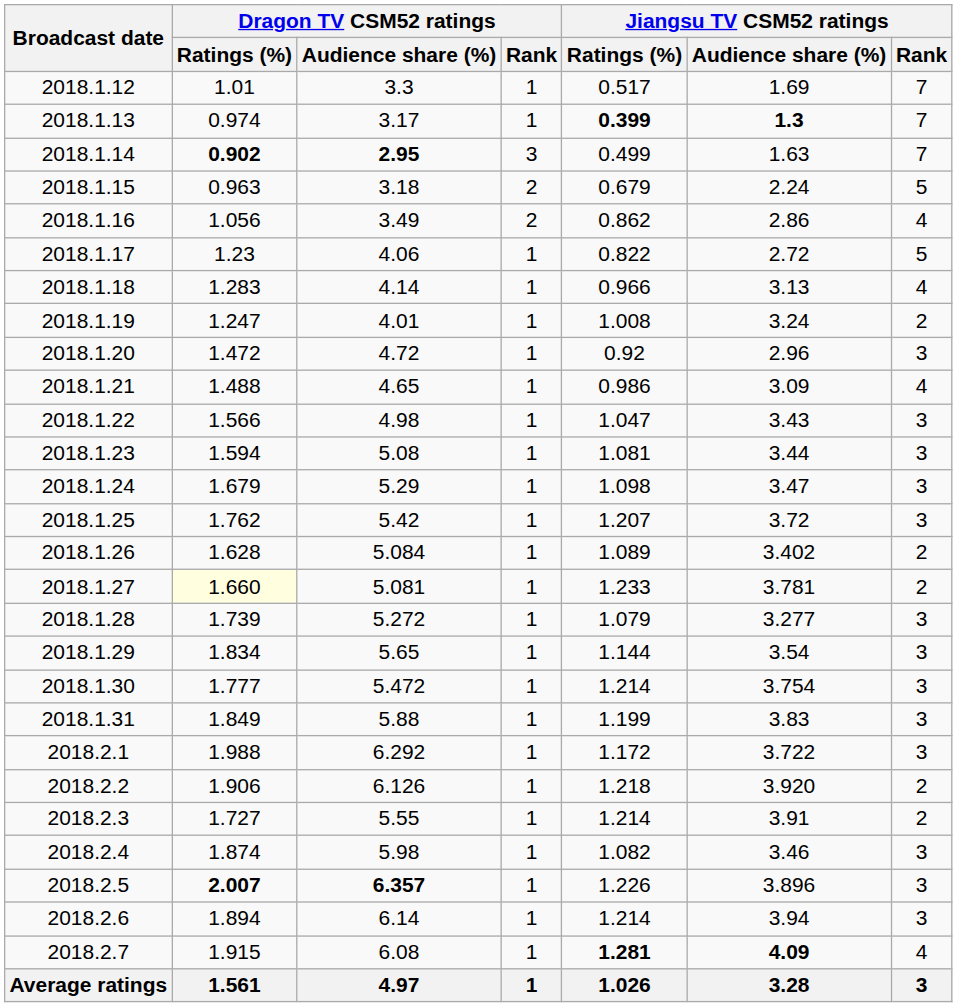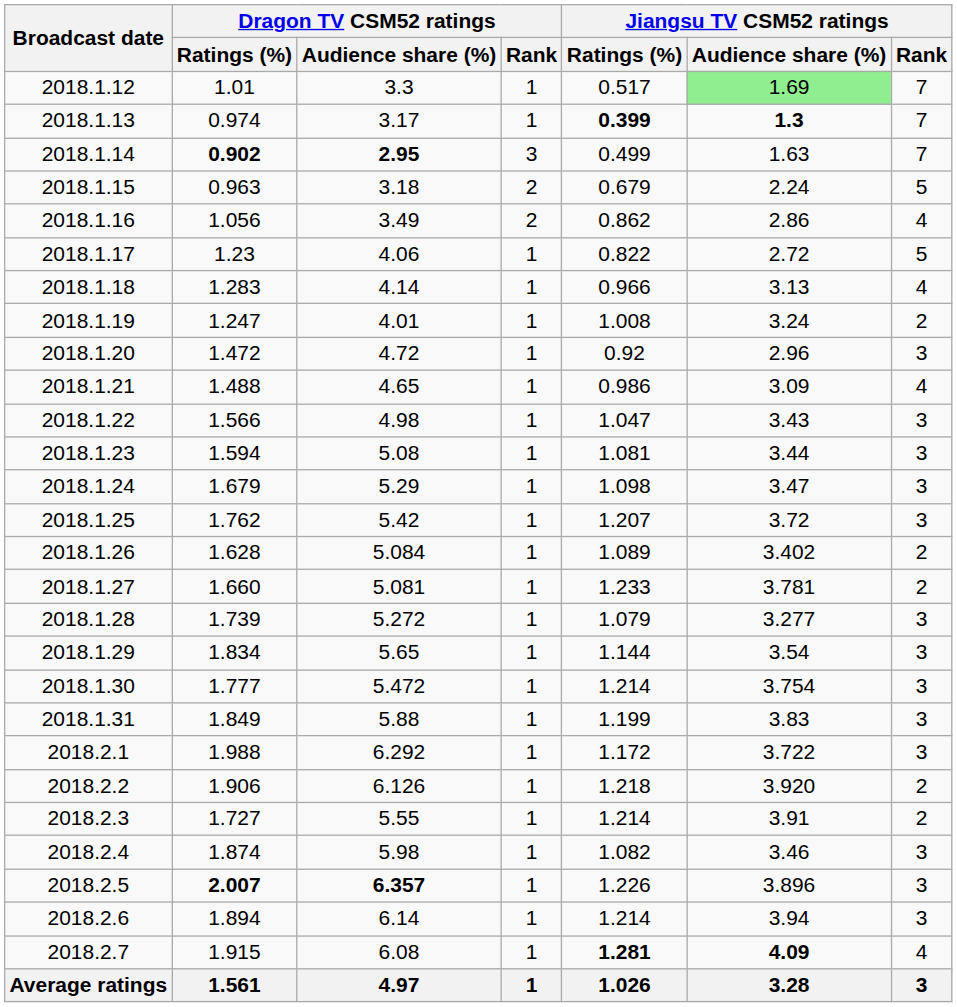 <table class="wikitable sortable mw-collapsible jquery-tablesorter" style="text-align:center">
 <tr>
 <th rowspan="2">Broadcast date</th>
 <th colspan="3" rowspan="1"><a href='#'>Dragon TV</a> CSM52 ratings</th>
 <th colspan="3" rowspan="1"><a href='#'>Jiangsu TV</a> CSM52 ratings</th>
 </tr>
 <tr>
 <th><strong>Ratings (%)</strong></th>
 <th><strong>Audience share (%)</strong></th>
 <th><strong>Rank</strong></th>
 <th><strong>Ratings (%)</strong></th>
 <th><strong>Audience share (%)</strong></th>
 <th><strong>Rank</strong></th>
 </tr>
 <tr>
 <td>2018.1.12</td>
 <td>1.01</td>
 <td>3.3</td>
 <td>1</td>
 <td>0.517</td>
-<td>1.69</td>
+<td style="background: lightgreen;">1.69</td>
 <td>7</td>
 </tr>
 <tr>
 <td>2018.1.13</td>
 <td>0.974</td>
 <td>3.17</td>
 <td>1</td>
 <td><strong><span>0.399</span></strong></td>
 <td><strong><span>1.3</span></strong></td>
 <td>7</td>
 </tr>
 <tr>
 <td>2018.1.14</td>
 <td><strong><span>0.902</span></strong></td>
 <td><strong><span>2.95</span></strong></td>
 <td>3</td>
 <td>0.499</td>
 <td>1.63</td>
 <td>7</td>
 </tr>
 <tr>
 <td>2018.1.15</td>
 <td>0.963</td>
 <td>3.18</td>
 <td>2</td>
 <td>0.679</td>
 <td>2.24</td>
 <td>5</td>
 </tr>
 <tr>
 <td>2018.1.16</td>
 <td>1.056</td>
 <td>3.49</td>
 <td>2</td>
 <td>0.862</td>
 <td>2.86</td>
 <td>4</td>
 </tr>
 <tr>
 <td>2018.1.17</td>
 <td>1.23</td>
 <td>4.06</td>
 <td>1</td>
 <td>0.822</td>
 <td>2.72</td>
 <td>5</td>
 </tr>
 <tr>
 <td>2018.1.18</td>
 <td>1.283</td>
 <td>4.14</td>
 <td>1</td>
 <td>0.966</td>
 <td>3.13</td>
 <td>4</td>
 </tr>
 <tr>
 <td>2018.1.19</td>
 <td>1.247</td>
 <td>4.01</td>
 <td>1</td>
 <td>1.008</td>
 <td>3.24</td>
 <td>2</td>
 </tr>
 <tr>
 <td>2018.1.20</td>
 <td>1.472</td>
 <td>4.72</td>
 <td>1</td>
 <td>0.92</td>
 <td>2.96</td>
 <td>3</td>
 </tr>
 <tr>
 <td>2018.1.21</td>
 <td>1.488</td>
 <td>4.65</td>
 <td>1</td>
 <td>0.986</td>
 <td>3.09</td>
 <td>4</td>
 </tr>
 <tr>
 <td>2018.1.22</td>
 <td>1.566</td>
 <td>4.98</td>
 <td>1</td>
 <td>1.047</td>
 <td>3.43</td>
 <td>3</td>
 </tr>
 <tr>
 <td>2018.1.23</td>
 <td>1.594</td>
 <td>5.08</td>
 <td>1</td>
 <td>1.081</td>
 <td>3.44</td>
 <td>3</td>
 </tr>
 <tr>
 <td>2018.1.24</td>
 <td>1.679</td>
 <td>5.29</td>
 <td>1</td>
 <td>1.098</td>
 <td>3.47</td>
 <td>3</td>
 </tr>
 <tr>
 <td>2018.1.25</td>
 <td>1.762</td>
 <td>5.42</td>
 <td>1</td>
 <td>1.207</td>
 <td>3.72</td>
 <td>3</td>
 </tr>
 <tr>
 <td>2018.1.26</td>
 <td>1.628</td>
 <td>5.084</td>
 <td>1</td>
 <td>1.089</td>
 <td>3.402</td>
 <td>2</td>
 </tr>
 <tr>
 <td>2018.1.27</td>
-<td style="background: lightyellow;">1.660</td>
+<td>1.660</td>
 <td>5.081</td>
 <td>1</td>
 <td>1.233</td>
 <td>3.781</td>
 <td>2</td>
 </tr>
 <tr>
 <td>2018.1.28</td>
 <td>1.739</td>
 <td>5.272</td>
 <td>1</td>
 <td>1.079</td>
 <td>3.277</td>
 <td>3</td>
 </tr>
 <tr>
 <td>2018.1.29</td>
 <td>1.834</td>
 <td>5.65</td>
 <td>1</td>
 <td>1.144</td>
 <td>3.54</td>
 <td>3</td>
 </tr>
 <tr>
 <td>2018.1.30</td>
 <td>1.777</td>
 <td>5.472</td>
 <td>1</td>
 <td>1.214</td>
 <td>3.754</td>
 <td>3</td>
 </tr>
 <tr>
 <td>2018.1.31</td>
 <td>1.849</td>
 <td>5.88</td>
 <td>1</td>
 <td>1.199</td>
 <td>3.83</td>
 <td>3</td>
 </tr>
 <tr>
 <td>2018.2.1</td>
 <td>1.988</td>
 <td>6.292</td>
 <td>1</td>
 <td>1.172</td>
 <td>3.722</td>
 <td>3</td>
 </tr>
 <tr>
 <td>2018.2.2</td>
 <td>1.906</td>
 <td>6.126</td>
 <td>1</td>
 <td>1.218</td>
 <td>3.920</td>
 <td>2</td>
 </tr>
 <tr>
 <td>2018.2.3</td>
 <td>1.727</td>
 <td>5.55</td>
 <td>1</td>
 <td>1.214</td>
 <td>3.91</td>
 <td>2</td>
 </tr>
 <tr>
 <td>2018.2.4</td>
 <td>1.874</td>
 <td>5.98</td>
 <td>1</td>
 <td>1.082</td>
 <td>3.46</td>
 <td>3</td>
 </tr>
 <tr>
 <td>2018.2.5</td>
 <td><strong><span>2.007</span></strong></td>
 <td><strong><span>6.357</span></strong></td>
 <td>1</td>
 <td>1.226</td>
 <td>3.896</td>
 <td>3</td>
 </tr>
 <tr>
 <td>2018.2.6</td>
 <td>1.894</td>
 <td>6.14</td>
 <td>1</td>
 <td>1.214</td>
 <td>3.94</td>
 <td>3</td>
 </tr>
 <tr>
 <td>2018.2.7</td>
 <td>1.915</td>
 <td>6.08</td>
 <td>1</td>
 <td><strong><span>1.281</span></strong></td>
 <td><strong><span>4.09</span></strong></td>
 <td>4</td>
 </tr>
 <tr>
 <th><strong>Average ratings</strong></th>
 <th><strong>1.561</strong></th>
 <th><strong>4.97</strong></th>
 <th><strong>1</strong></th>
 <th><strong>1.026</strong></th>
 <th><strong>3.28</strong></th>
 <th><strong>3</strong></th>
 </tr>
 </table>
